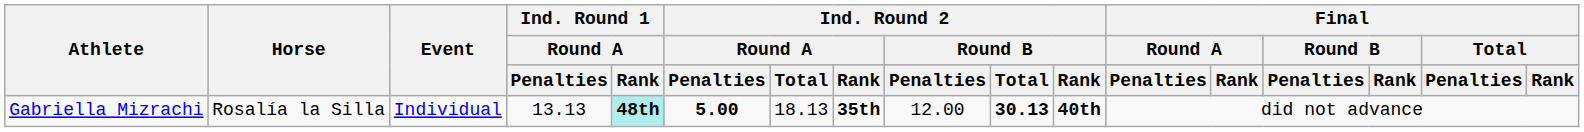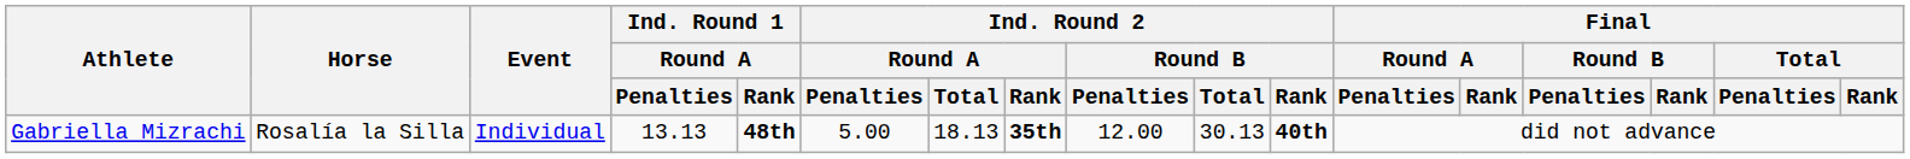 <table class=wikitable style="font-size:90%">
 <tr>
 <th rowspan="3">Athlete</th>
 <th rowspan="3">Horse</th>
 <th rowspan="3">Event</th>
 <th colspan="2">Ind. Round 1</th>
 <th colspan="6">Ind. Round 2</th>
 <th colspan="6">Final</th>
 </tr>
 <tr>
 <th colspan="2">Round A</th>
 <th colspan="3">Round A</th>
 <th colspan="3">Round B</th>
 <th colspan="2">Round A</th>
 <th colspan="2">Round B</th>
 <th colspan="2">Total</th>
 </tr>
 <tr>
 <th>Penalties</th>
 <th>Rank</th>
 <th>Penalties</th>
 <th>Total</th>
 <th>Rank</th>
 <th>Penalties</th>
 <th>Total</th>
 <th>Rank</th>
 <th>Penalties</th>
 <th>Rank</th>
 <th>Penalties</th>
 <th>Rank</th>
 <th>Penalties</th>
 <th>Rank</th>
 </tr>
 <tr>
 <td><a href='#'>Gabriella Mizrachi</a></td>
 <td>Rosalía la Silla</td>
 <td><a href='#'>Individual</a></td>
 <td align=center>13.13</td>
-<td align=center style="background: paleturquoise;"><strong>48th</strong></td>
-<td align=center><strong>5.00</strong></td>
+<td align=center><strong>48th</strong></td>
+<td align=center>5.00</td>
 <td align=center>18.13</td>
 <td align=center><strong>35th</strong></td>
 <td align=center>12.00</td>
-<td align=center><strong>30.13</strong></td>
+<td align=center>30.13</td>
 <td align=center><strong>40th</strong></td>
 <td align=center colspan="7">did not advance</td>
 </tr>
 </table>
